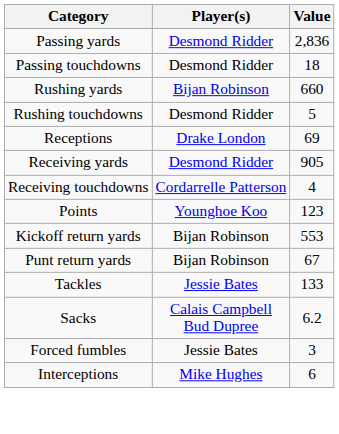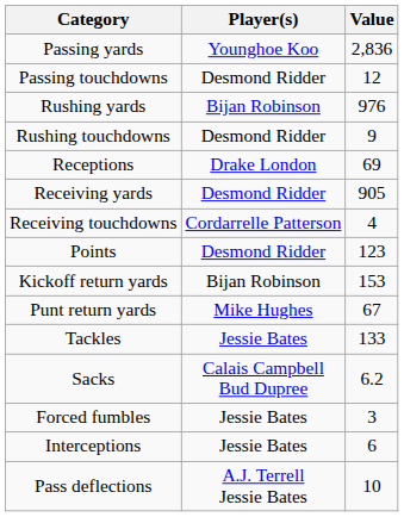 <table class="wikitable" style="text-align:center">
 <tr>
 <th>Category</th>
 <th>Player(s)</th>
 <th>Value</th>
 </tr>
 <tr>
 </tr>
 <tr>
 <td>Passing yards</td>
-<td><a href='#'>Desmond Ridder</a></td>
+<td><a href='#'>Younghoe Koo</a></td>
 <td>2,836</td>
 </tr>
 <tr>
 <td>Passing touchdowns</td>
 <td>Desmond Ridder</td>
-<td>18</td>
+<td>12</td>
 </tr>
 <tr>
 <td>Rushing yards</td>
 <td><a href='#'>Bijan Robinson</a></td>
-<td>660</td>
+<td>976</td>
 </tr>
 <tr>
 <td>Rushing touchdowns</td>
 <td>Desmond Ridder</td>
-<td>5</td>
+<td>9</td>
 </tr>
 <tr>
 <td>Receptions</td>
 <td><a href='#'>Drake London</a></td>
 <td>69</td>
 </tr>
 <tr>
 <td>Receiving yards</td>
 <td><a href='#'>Desmond Ridder</a></td>
 <td>905</td>
 </tr>
 <tr>
 <td>Receiving touchdowns</td>
 <td><a href='#'>Cordarrelle Patterson</a></td>
 <td>4</td>
 </tr>
 <tr>
 <td>Points</td>
-<td><a href='#'>Younghoe Koo</a></td>
+<td><a href='#'>Desmond Ridder</a></td>
 <td>123</td>
 </tr>
 <tr>
 <td>Kickoff return yards</td>
 <td>Bijan Robinson</td>
-<td>553</td>
+<td>153</td>
 </tr>
 <tr>
 <td>Punt return yards</td>
-<td>Bijan Robinson</td>
+<td><a href='#'>Mike Hughes</a></td>
 <td>67</td>
 </tr>
 <tr>
 <td>Tackles</td>
 <td><a href='#'>Jessie Bates</a></td>
 <td>133</td>
 </tr>
 <tr>
 <td>Sacks</td>
 <td><a href='#'>Calais Campbell</a><br><a href='#'>Bud Dupree</a></td>
 <td>6.2</td>
 </tr>
 <tr>
 <td>Forced fumbles</td>
 <td>Jessie Bates</td>
 <td>3</td>
 </tr>
 <tr>
 <td>Interceptions</td>
-<td><a href='#'>Mike Hughes</a></td>
+<td>Jessie Bates</td>
 <td>6</td>
 </tr>
+<tr>
+<td>Pass deflections</td>
+<td><a href='#'>A.J. Terrell</a><br>Jessie Bates</td>
+<td>10</td>
+</tr>
 </table>
